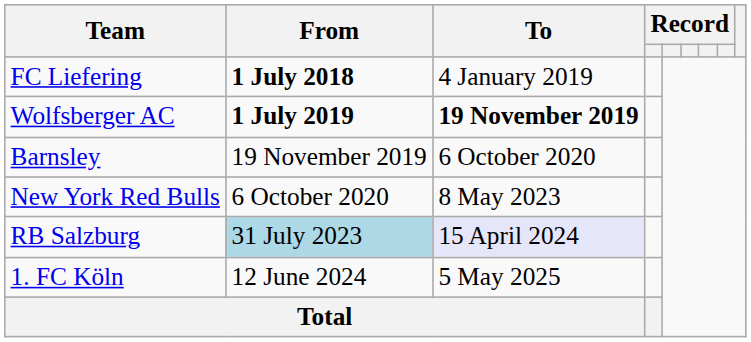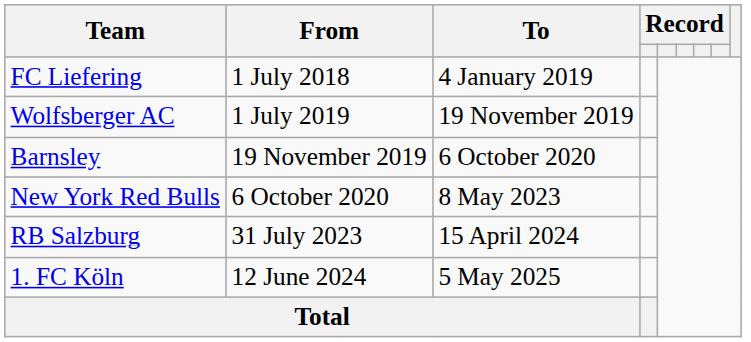 <table class=wikitable style="text-align: center">
 <tr>
 <th rowspan=2>Team</th>
 <th rowspan=2>From</th>
 <th rowspan=2>To</th>
 <th colspan=5>Record</th>
 <th rowspan=2></th>
 </tr>
 <tr>
 <th></th>
 <th></th>
 <th></th>
 <th></th>
 <th></th>
 </tr>
 <tr>
 <td align=left><a href='#'>FC Liefering</a></td>
-<td align=left><strong>1 July 2018</strong></td>
+<td align=left>1 July 2018</td>
 <td align=left>4 January 2019<br></td>
 <td></td>
 </tr>
 <tr>
 <td align=left><a href='#'>Wolfsberger AC</a></td>
-<td align=left><strong>1 July 2019</strong></td>
-<td align=left><strong>19 November 2019<br></strong></td>
+<td align=left>1 July 2019</td>
+<td align=left>19 November 2019<br></td>
 <td></td>
 </tr>
 <tr>
 <td align=left><a href='#'>Barnsley</a></td>
 <td align=left>19 November 2019</td>
 <td align=left>6 October 2020<br></td>
 <td></td>
 </tr>
 <tr>
 <td align=left><a href='#'>New York Red Bulls</a></td>
 <td align=left>6 October 2020</td>
 <td align=left>8 May 2023<br></td>
 <td></td>
 </tr>
 <tr>
 <td align=left><a href='#'>RB Salzburg</a></td>
-<td align=left style="background: lightblue;">31 July 2023</td>
-<td align=left style="background: lavender;">15 April 2024<br></td>
+<td align=left>31 July 2023</td>
+<td align=left>15 April 2024<br></td>
 <td></td>
 </tr>
 <tr>
 <td align=left><a href='#'>1. FC Köln</a></td>
 <td align=left>12 June 2024</td>
 <td align=left>5 May 2025<br></td>
 <td></td>
 </tr>
 <tr>
 <th colspan=3>Total<br></th>
 <th></th>
 </tr>
 </table>
